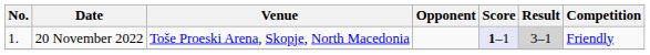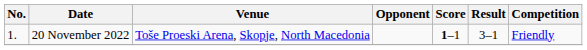 <table class="wikitable">
 <tr>
 <th>No.</th>
 <th>Date</th>
 <th>Venue</th>
 <th>Opponent</th>
 <th>Score</th>
 <th>Result</th>
 <th>Competition</th>
 </tr>
 <tr>
 <td>1.</td>
 <td>20 November 2022</td>
 <td><a href='#'>Toše Proeski Arena</a>, <a href='#'>Skopje</a>, <a href='#'>North Macedonia</a></td>
 <td></td>
-<td align=center style="background: lavender;"><strong>1</strong>–1</td>
-<td align=center style="background: lightgrey;">3–1</td>
+<td align=center><strong>1</strong>–1</td>
+<td align=center>3–1</td>
 <td><a href='#'>Friendly</a></td>
 </tr>
 <tr>
 </tr>
 </table>
